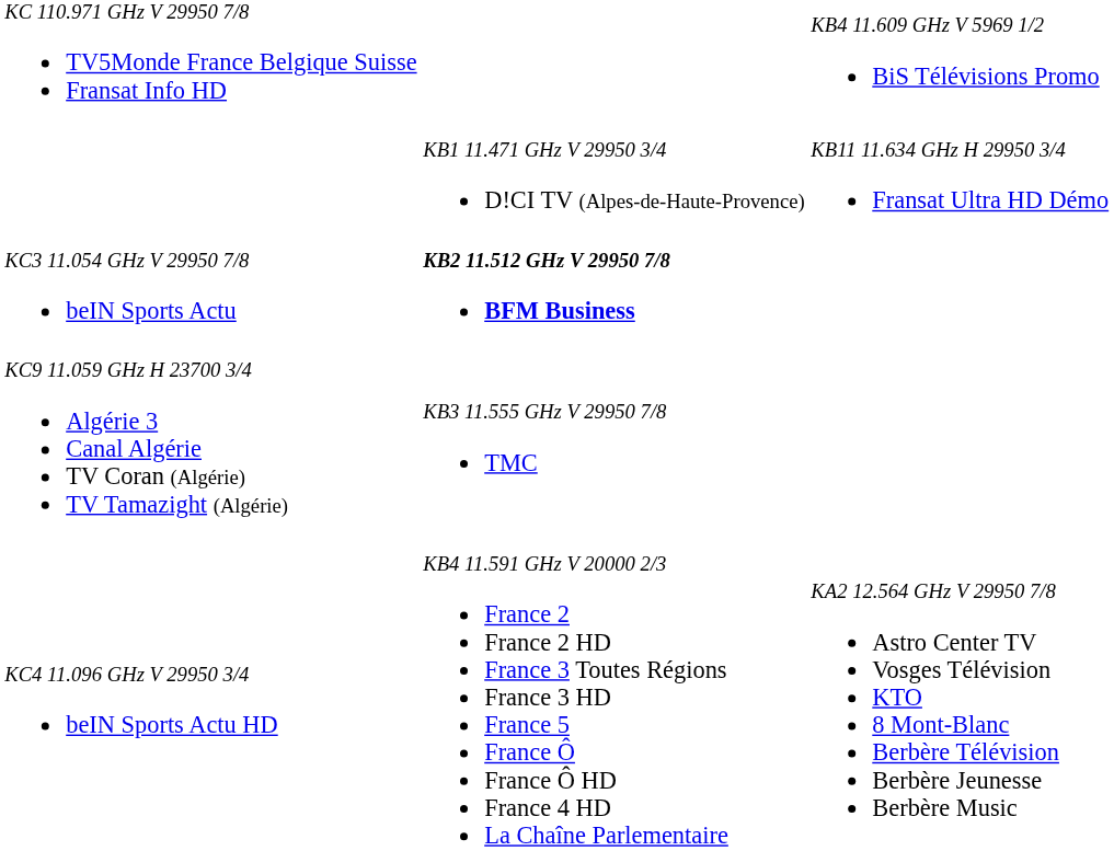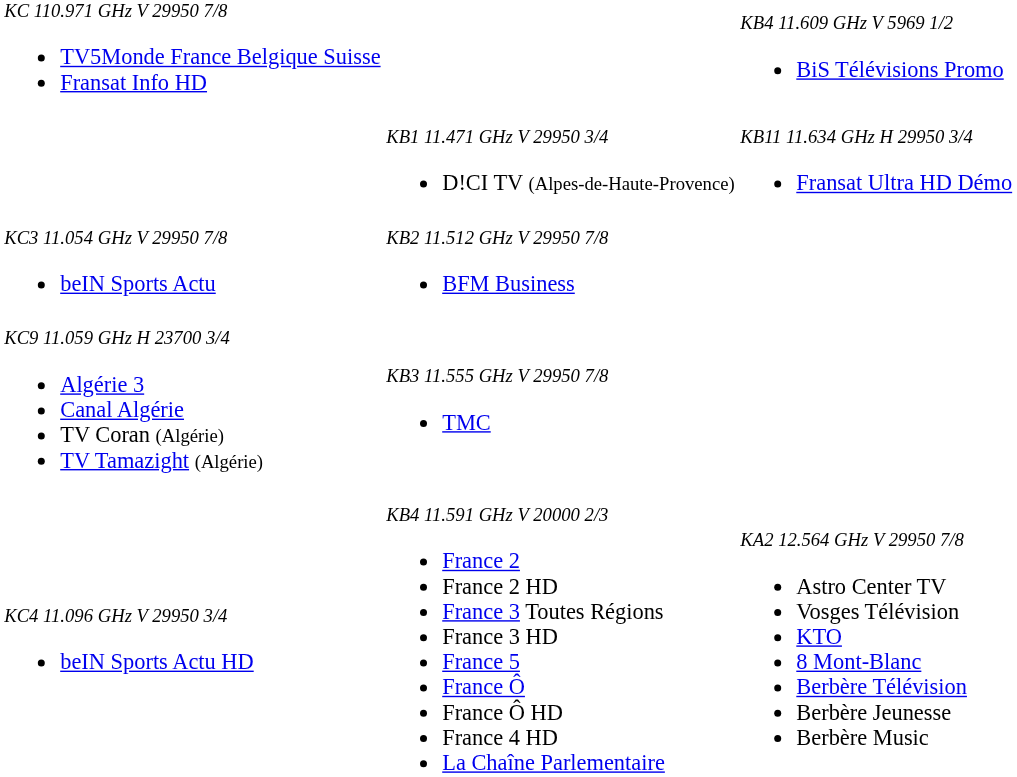 <table>
 <tr>
 <td><small><em>KC 110.971 GHz V 29950 7/8</em></small><br><ul><li><a href='#'>TV5Monde France Belgique Suisse</a></li><li><a href='#'>Fransat Info HD</a></li></ul></td>
 <td></td>
 <td><small><em>KB4 11.609 GHz V 5969 1/2</em></small><br><ul><li><a href='#'>BiS Télévisions Promo</a></li></ul></td>
 </tr>
 <tr>
 <td></td>
 <td><small><em>KB1 11.471 GHz V 29950 3/4</em></small><br><ul><li>D!CI TV <small>(Alpes-de-Haute-Provence)</small></li></ul></td>
 <td><small><em>KB11 11.634 GHz H 29950 3/4</em></small><br><ul><li><a href='#'>Fransat Ultra HD Démo</a></li></ul></td>
 </tr>
 <tr>
 <td><small><em>KC3 11.054 GHz V 29950 7/8</em></small><br><ul><li><a href='#'>beIN Sports Actu</a></li></ul></td>
-<td><strong><small><em>KB2 11.512 GHz V 29950 7/8</em></small><br><ul><li><a href='#'>BFM Business</a></li></ul></strong></td>
+<td><small><em>KB2 11.512 GHz V 29950 7/8</em></small><br><ul><li><a href='#'>BFM Business</a></li></ul></td>
 <td></td>
 </tr>
 <tr>
 <td><small><em>KC9 11.059 GHz H 23700 3/4</em></small><br><ul><li><a href='#'>Algérie 3</a></li><li><a href='#'>Canal Algérie</a></li><li>TV Coran <small>(Algérie)</small></li><li><a href='#'>TV Tamazight</a> <small>(Algérie)</small></li></ul></td>
 <td><small><em>KB3 11.555 GHz V 29950 7/8</em></small><br><ul><li><a href='#'>TMC</a></li></ul></td>
 <td></td>
 </tr>
 <tr>
 <td><small><em>KC4 11.096 GHz V 29950 3/4</em></small><br><ul><li><a href='#'>beIN Sports Actu HD</a></li></ul></td>
 <td><small><em>KB4 11.591 GHz V 20000 2/3</em></small><br><ul><li><a href='#'>France 2</a></li><li>France 2 HD</li><li><a href='#'>France 3</a> Toutes Régions</li><li>France 3 HD</li><li><a href='#'>France 5</a></li><li><a href='#'>France Ô</a></li><li>France Ô HD</li><li>France 4 HD</li><li><a href='#'>La Chaîne Parlementaire</a></li></ul></td>
 <td><small><em>KA2 12.564 GHz V 29950 7/8</em></small><br><ul><li>Astro Center TV</li><li>Vosges Télévision</li><li><a href='#'>KTO</a></li><li><a href='#'>8 Mont-Blanc</a></li><li><a href='#'>Berbère Télévision</a></li><li>Berbère Jeunesse</li><li>Berbère Music</li></ul></td>
 </tr>
 </table>
